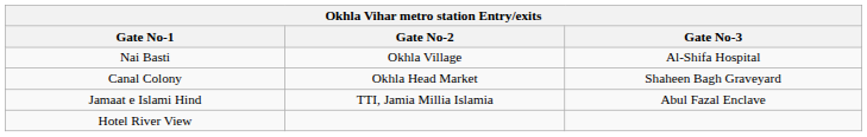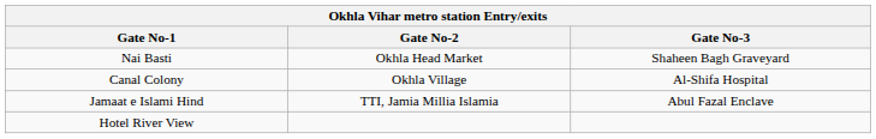 <table class="wikitable" style="text-align: center;" width="65%">
 <tr>
 <th align="center" colspan="5" style="background:#"><span>Okhla Vihar metro station Entry/exits</span></th>
 </tr>
 <tr>
 <th style="width:5%;">Gate No-1</th>
 <th style="width:5%;">Gate No-2</th>
 <th style="width:5%;">Gate No-3</th>
 </tr>
 <tr>
 <td>Nai Basti</td>
-<td>Okhla Village</td>
-<td>Al-Shifa Hospital</td>
+<td>Okhla Head Market</td>
+<td>Shaheen Bagh Graveyard</td>
 </tr>
 <tr>
 <td>Canal Colony</td>
-<td>Okhla Head Market</td>
-<td>Shaheen Bagh Graveyard</td>
+<td>Okhla Village</td>
+<td>Al-Shifa Hospital</td>
 </tr>
 <tr>
 <td>Jamaat e Islami Hind</td>
 <td>TTI, Jamia Millia Islamia</td>
 <td>Abul Fazal Enclave</td>
 </tr>
 <tr>
 <td>Hotel River View</td>
 <td></td>
 <td></td>
 </tr>
 </table>
